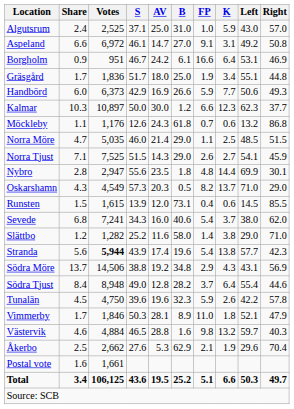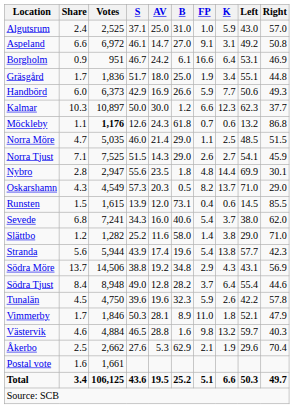 <table class="wikitable sortable" style=text-align:right>
 <tr>
 <th>Location</th>
 <th>Share</th>
 <th>Votes</th>
 <th><a href='#'>S</a></th>
 <th><a href='#'>AV</a></th>
 <th><a href='#'>B</a></th>
 <th><a href='#'>FP</a></th>
 <th><a href='#'>K</a></th>
 <th>Left</th>
 <th>Right</th>
 </tr>
 <tr>
 <td align=left><a href='#'>Algutsrum</a></td>
 <td>2.4</td>
 <td>2,525</td>
 <td>37.1</td>
 <td>25.0</td>
 <td>31.0</td>
 <td>1.0</td>
 <td>5.9</td>
 <td>43.0</td>
 <td>57.0</td>
 </tr>
 <tr>
 <td align=left><a href='#'>Aspeland</a></td>
 <td>6.6</td>
 <td>6,972</td>
 <td>46.1</td>
 <td>14.7</td>
 <td>27.0</td>
 <td>9.1</td>
 <td>3.1</td>
 <td>49.2</td>
 <td>50.8</td>
 </tr>
 <tr>
 <td align=left><a href='#'>Borgholm</a></td>
 <td>0.9</td>
 <td>951</td>
 <td>46.7</td>
 <td>24.2</td>
 <td>6.1</td>
 <td>16.6</td>
 <td>6.4</td>
 <td>53.1</td>
 <td>46.9</td>
 </tr>
 <tr>
 <td align=left><a href='#'>Gräsgård</a></td>
 <td>1.7</td>
 <td>1,836</td>
 <td>51.7</td>
 <td>18.0</td>
 <td>25.0</td>
 <td>1.9</td>
 <td>3.4</td>
 <td>55.1</td>
 <td>44.8</td>
 </tr>
 <tr>
 <td align=left><a href='#'>Handbörd</a></td>
 <td>6.0</td>
 <td>6,373</td>
 <td>42.9</td>
 <td>16.9</td>
 <td>26.6</td>
 <td>5.9</td>
 <td>7.7</td>
 <td>50.6</td>
 <td>49.3</td>
 </tr>
 <tr>
 <td align=left><a href='#'>Kalmar</a></td>
 <td>10.3</td>
 <td>10,897</td>
 <td>50.0</td>
 <td>30.0</td>
 <td>1.2</td>
 <td>6.6</td>
 <td>12.3</td>
 <td>62.3</td>
 <td>37.7</td>
 </tr>
 <tr>
 <td align=left><a href='#'>Möckleby</a></td>
 <td>1.1</td>
-<td>1,176</td>
+<td><strong>1,176</strong></td>
 <td>12.6</td>
 <td>24.3</td>
 <td>61.8</td>
 <td>0.7</td>
 <td>0.6</td>
 <td>13.2</td>
 <td>86.8</td>
 </tr>
 <tr>
 <td align=left><a href='#'>Norra Möre</a></td>
 <td>4.7</td>
 <td>5,035</td>
 <td>46.0</td>
 <td>21.4</td>
 <td>29.0</td>
 <td>1.1</td>
 <td>2.5</td>
 <td>48.5</td>
 <td>51.5</td>
 </tr>
 <tr>
 <td align=left><a href='#'>Norra Tjust</a></td>
 <td>7.1</td>
 <td>7,525</td>
 <td>51.5</td>
 <td>14.3</td>
 <td>29.0</td>
 <td>2.6</td>
 <td>2.7</td>
 <td>54.1</td>
 <td>45.9</td>
 </tr>
 <tr>
 <td align=left><a href='#'>Nybro</a></td>
 <td>2.8</td>
 <td>2,947</td>
 <td>55.6</td>
 <td>23.5</td>
 <td>1.8</td>
 <td>4.8</td>
 <td>14.4</td>
 <td>69.9</td>
 <td>30.1</td>
 </tr>
 <tr>
 <td align=left><a href='#'>Oskarshamn</a></td>
 <td>4.3</td>
 <td>4,549</td>
 <td>57.3</td>
 <td>20.3</td>
 <td>0.5</td>
 <td>8.2</td>
 <td>13.7</td>
 <td>71.0</td>
 <td>29.0</td>
 </tr>
 <tr>
 <td align=left><a href='#'>Runsten</a></td>
 <td>1.5</td>
 <td>1,615</td>
 <td>13.9</td>
 <td>12.0</td>
 <td>73.1</td>
 <td>0.4</td>
 <td>0.6</td>
 <td>14.5</td>
 <td>85.5</td>
 </tr>
 <tr>
 <td align=left><a href='#'>Sevede</a></td>
 <td>6.8</td>
 <td>7,241</td>
 <td>34.3</td>
 <td>16.0</td>
 <td>40.6</td>
 <td>5.4</td>
 <td>3.7</td>
 <td>38.0</td>
 <td>62.0</td>
 </tr>
 <tr>
 <td align=left><a href='#'>Slättbo</a></td>
 <td>1.2</td>
 <td>1,282</td>
 <td>25.2</td>
 <td>11.6</td>
 <td>58.0</td>
 <td>1.4</td>
 <td>3.8</td>
 <td>29.0</td>
 <td>71.0</td>
 </tr>
 <tr>
 <td align=left><a href='#'>Stranda</a></td>
 <td>5.6</td>
-<td><strong>5,944</strong></td>
+<td>5,944</td>
 <td>43.9</td>
 <td>17.4</td>
 <td>19.6</td>
 <td>5.4</td>
 <td>13.8</td>
 <td>57.7</td>
 <td>42.3</td>
 </tr>
 <tr>
 <td align=left><a href='#'>Södra Möre</a></td>
 <td>13.7</td>
 <td>14,506</td>
 <td>38.8</td>
 <td>19.2</td>
 <td>34.8</td>
 <td>2.9</td>
 <td>4.3</td>
 <td>43.1</td>
 <td>56.9</td>
 </tr>
 <tr>
 <td align=left><a href='#'>Södra Tjust</a></td>
 <td>8.4</td>
 <td>8,948</td>
 <td>49.0</td>
 <td>12.8</td>
 <td>28.2</td>
 <td>3.7</td>
 <td>6.4</td>
 <td>55.4</td>
 <td>44.6</td>
 </tr>
 <tr>
 <td align=left><a href='#'>Tunalän</a></td>
 <td>4.5</td>
 <td>4,750</td>
 <td>39.6</td>
 <td>19.6</td>
 <td>32.3</td>
 <td>5.9</td>
 <td>2.6</td>
 <td>42.2</td>
 <td>57.8</td>
 </tr>
 <tr>
 <td align=left><a href='#'>Vimmerby</a></td>
 <td>1.7</td>
 <td>1,846</td>
 <td>50.3</td>
 <td>28.1</td>
 <td>8.9</td>
 <td>11.0</td>
 <td>1.8</td>
 <td>52.1</td>
 <td>47.9</td>
 </tr>
 <tr>
 <td align=left><a href='#'>Västervik</a></td>
 <td>4.6</td>
 <td>4,884</td>
 <td>46.5</td>
 <td>28.8</td>
 <td>1.6</td>
 <td>9.8</td>
 <td>13.2</td>
 <td>59.7</td>
 <td>40.3</td>
 </tr>
 <tr>
 <td align=left><a href='#'>Åkerbo</a></td>
 <td>2.5</td>
 <td>2,662</td>
 <td>27.6</td>
 <td>5.3</td>
 <td>62.9</td>
 <td>2.1</td>
 <td>1.9</td>
 <td>29.6</td>
 <td>70.4</td>
 </tr>
 <tr>
 <td align=left><a href='#'>Postal vote</a></td>
 <td>1.6</td>
 <td>1,661</td>
 <td></td>
 <td></td>
 <td></td>
 <td></td>
 <td></td>
 <td></td>
 <td></td>
 </tr>
 <tr>
 <td align=left><strong>Total</strong></td>
 <td><strong>3.4</strong></td>
 <td><strong>106,125</strong></td>
 <td><strong>43.6</strong></td>
 <td><strong>19.5</strong></td>
 <td><strong>25.2</strong></td>
 <td><strong>5.1</strong></td>
 <td><strong>6.6</strong></td>
 <td><strong>50.3</strong></td>
 <td><strong>49.7</strong></td>
 </tr>
 <tr>
 <td align=left colspan=10>Source: SCB </td>
 </tr>
 </table>
